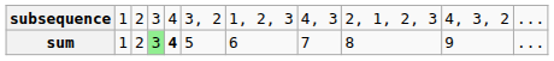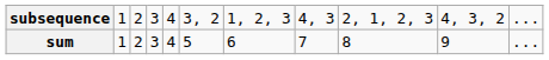 <table class="wikitable" style="margin-left:1.6em">
 <tr>
 <th scope="row">subsequence</th>
 <td>1</td>
 <td>2</td>
 <td>3</td>
 <td>4</td>
 <td>3, 2</td>
 <td>1, 2, 3</td>
 <td>4, 3</td>
 <td>2, 1, 2, 3</td>
 <td>4, 3, 2</td>
 <td>...</td>
 </tr>
 <tr>
 <th scope="row">sum</th>
 <td>1</td>
 <td>2</td>
-<td style="background: lightgreen;">3</td>
-<td><strong>4</strong></td>
+<td>3</td>
+<td>4</td>
 <td>5</td>
 <td>6</td>
 <td>7</td>
 <td>8</td>
 <td>9</td>
 <td>...</td>
 </tr>
 </table>
